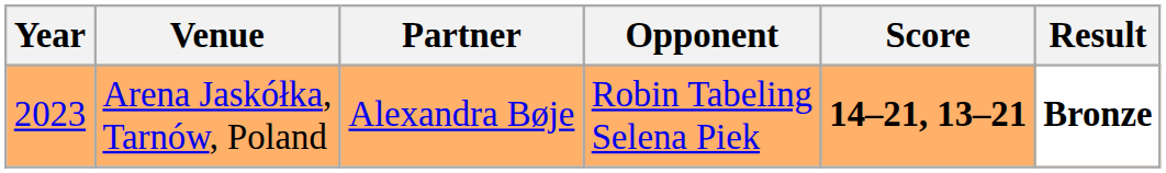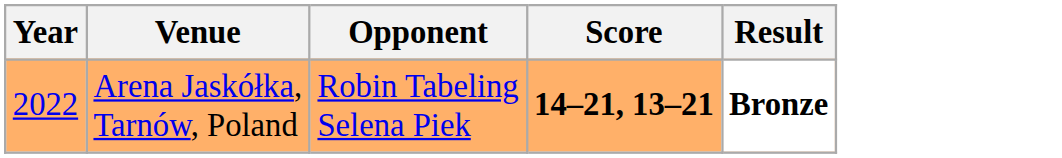 <table class="sortable wikitable" style="font-size: 90%;">
 <tr>
 <th>Year</th>
 <th>Venue</th>
-<th>Partner</th>
 <th>Opponent</th>
 <th>Score</th>
 <th>Result</th>
 </tr>
 <tr style="background:#FFB069">
-<td align="center"><a href='#'>2023</a></td>
+<td align="center"><a href='#'>2022</a></td>
 <td align="left"><a href='#'>Arena Jaskółka</a>,<br><a href='#'>Tarnów</a>, Poland</td>
-<td align="left"> <a href='#'>Alexandra Bøje</a></td>
 <td align="left"> <a href='#'>Robin Tabeling</a><br> <a href='#'>Selena Piek</a></td>
 <td align="left"><strong>14–21, 13–21</strong></td>
 <td style="text-align:left; background:white"> <strong>Bronze</strong></td>
 </tr>
 </table>
